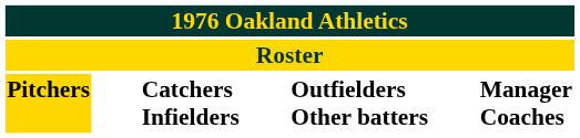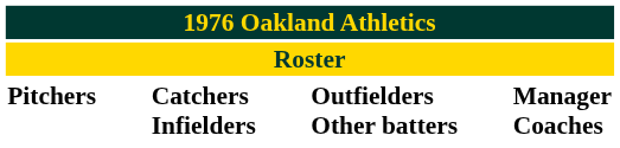 <table class="toccolours" style="font-size: 95%;">
 <tr>
 <th colspan="10" style="background-color: #003831; color: #FFD800; text-align: center;">1976 Oakland Athletics</th>
 </tr>
 <tr>
 <td colspan="10" style="background-color: #FFD800; color: #003831; text-align: center;"><strong>Roster</strong></td>
 </tr>
 <tr>
-<td valign="top" style="background: gold;"><strong>Pitchers</strong><br>           </td>
+<td valign="top"><strong>Pitchers</strong><br>           </td>
 <td width="25px"></td>
 <td valign="top"><strong>Catchers</strong><br>   <strong>Infielders</strong>         </td>
 <td width="25px"></td>
 <td valign="top"><strong>Outfielders</strong><br>          <strong>Other batters</strong>    </td>
 <td width="25px"></td>
 <td valign="top"><strong>Manager</strong><br> <strong>Coaches</strong>   </td>
 </tr>
 </table>
